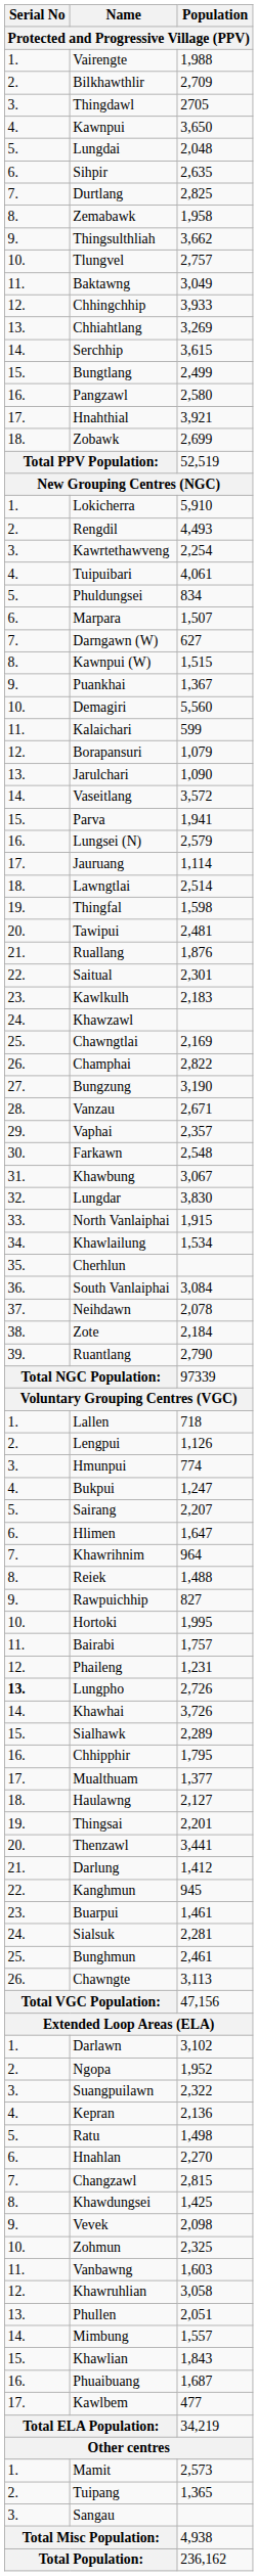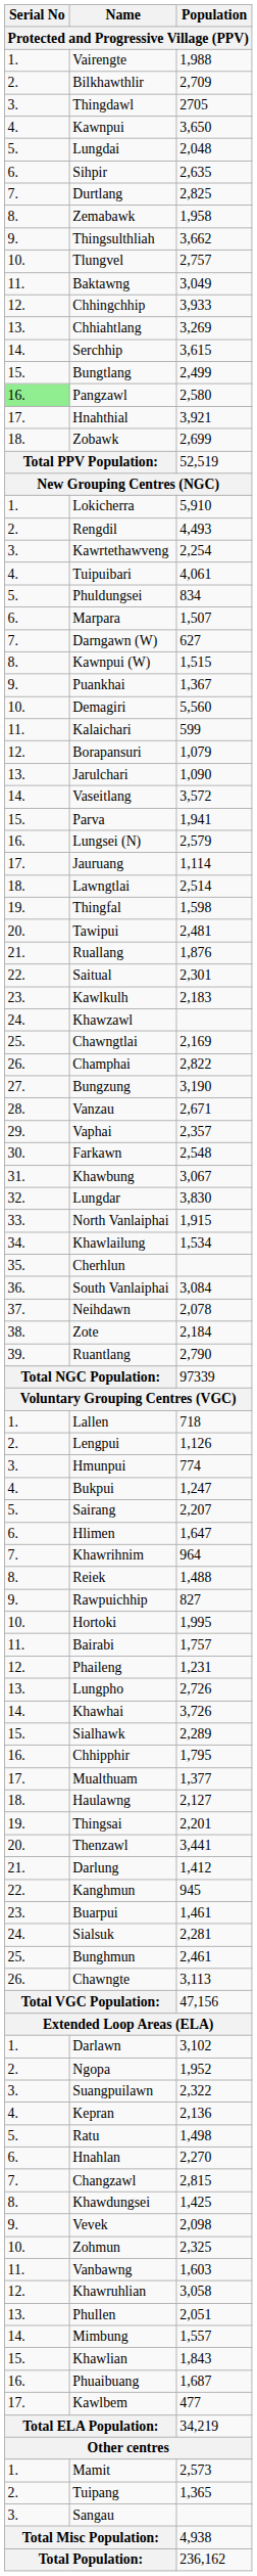 <table class="wikitable sortable">
 <tr>
 <th>Serial No</th>
 <th>Name</th>
 <th>Population</th>
 </tr>
 <tr>
 <th colspan=3>Protected and Progressive Village (PPV)</th>
 </tr>
 <tr>
 <td>1.</td>
 <td>Vairengte</td>
 <td>1,988</td>
 </tr>
 <tr>
 <td>2.</td>
 <td>Bilkhawthlir</td>
 <td>2,709</td>
 </tr>
 <tr>
 <td>3.</td>
 <td>Thingdawl</td>
 <td>2705</td>
 </tr>
 <tr>
 <td>4.</td>
 <td>Kawnpui</td>
 <td>3,650</td>
 </tr>
 <tr>
 <td>5.</td>
 <td>Lungdai</td>
 <td>2,048</td>
 </tr>
 <tr>
 <td>6.</td>
 <td>Sihpir</td>
 <td>2,635</td>
 </tr>
 <tr>
 <td>7.</td>
 <td>Durtlang</td>
 <td>2,825</td>
 </tr>
 <tr>
 <td>8.</td>
 <td>Zemabawk</td>
 <td>1,958</td>
 </tr>
 <tr>
 <td>9.</td>
 <td>Thingsulthliah</td>
 <td>3,662</td>
 </tr>
 <tr>
 <td>10.</td>
 <td>Tlungvel</td>
 <td>2,757</td>
 </tr>
 <tr>
 <td>11.</td>
 <td>Baktawng</td>
 <td>3,049</td>
 </tr>
 <tr>
 <td>12.</td>
 <td>Chhingchhip</td>
 <td>3,933</td>
 </tr>
 <tr>
 <td>13.</td>
 <td>Chhiahtlang</td>
 <td>3,269</td>
 </tr>
 <tr>
 <td>14.</td>
 <td>Serchhip</td>
 <td>3,615</td>
 </tr>
 <tr>
 <td>15.</td>
 <td>Bungtlang</td>
 <td>2,499</td>
 </tr>
 <tr>
-<td>16.</td>
+<td style="background: lightgreen;">16.</td>
 <td>Pangzawl</td>
 <td>2,580</td>
 </tr>
 <tr>
 <td>17.</td>
 <td>Hnahthial</td>
 <td>3,921</td>
 </tr>
 <tr>
 <td>18.</td>
 <td>Zobawk</td>
 <td>2,699</td>
 </tr>
 <tr>
 <th colspan=2><strong>Total PPV Population:</strong></th>
 <td>52,519</td>
 </tr>
 <tr>
 <th colspan=3>New Grouping Centres (NGC)</th>
 </tr>
 <tr>
 <td>1.</td>
 <td>Lokicherra</td>
 <td>5,910</td>
 </tr>
 <tr>
 <td>2.</td>
 <td>Rengdil</td>
 <td>4,493</td>
 </tr>
 <tr>
 <td>3.</td>
 <td>Kawrtethawveng</td>
 <td>2,254</td>
 </tr>
 <tr>
 <td>4.</td>
 <td>Tuipuibari</td>
 <td>4,061</td>
 </tr>
 <tr>
 <td>5.</td>
 <td>Phuldungsei</td>
 <td>834</td>
 </tr>
 <tr>
 <td>6.</td>
 <td>Marpara</td>
 <td>1,507</td>
 </tr>
 <tr>
 <td>7.</td>
 <td>Darngawn (W)</td>
 <td>627</td>
 </tr>
 <tr>
 <td>8.</td>
 <td>Kawnpui (W)</td>
 <td>1,515</td>
 </tr>
 <tr>
 <td>9.</td>
 <td>Puankhai</td>
 <td>1,367</td>
 </tr>
 <tr>
 <td>10.</td>
 <td>Demagiri</td>
 <td>5,560</td>
 </tr>
 <tr>
 <td>11.</td>
 <td>Kalaichari</td>
 <td>599</td>
 </tr>
 <tr>
 <td>12.</td>
 <td>Borapansuri</td>
 <td>1,079</td>
 </tr>
 <tr>
 <td>13.</td>
 <td>Jarulchari</td>
 <td>1,090</td>
 </tr>
 <tr>
 <td>14.</td>
 <td>Vaseitlang</td>
 <td>3,572</td>
 </tr>
 <tr>
 <td>15.</td>
 <td>Parva</td>
 <td>1,941</td>
 </tr>
 <tr>
 <td>16.</td>
 <td>Lungsei (N)</td>
 <td>2,579</td>
 </tr>
 <tr>
 <td>17.</td>
 <td>Jauruang</td>
 <td>1,114</td>
 </tr>
 <tr>
 <td>18.</td>
 <td>Lawngtlai</td>
 <td>2,514</td>
 </tr>
 <tr>
 <td>19.</td>
 <td>Thingfal</td>
 <td>1,598</td>
 </tr>
 <tr>
 <td>20.</td>
 <td>Tawipui</td>
 <td>2,481</td>
 </tr>
 <tr>
 <td>21.</td>
 <td>Ruallang</td>
 <td>1,876</td>
 </tr>
 <tr>
 <td>22.</td>
 <td>Saitual</td>
 <td>2,301</td>
 </tr>
 <tr>
 <td>23.</td>
 <td>Kawlkulh</td>
 <td>2,183</td>
 </tr>
 <tr>
 <td>24.</td>
 <td>Khawzawl</td>
 <td></td>
 </tr>
 <tr>
 <td>25.</td>
 <td>Chawngtlai</td>
 <td>2,169</td>
 </tr>
 <tr>
 <td>26.</td>
 <td>Champhai</td>
 <td>2,822</td>
 </tr>
 <tr>
 <td>27.</td>
 <td>Bungzung</td>
 <td>3,190</td>
 </tr>
 <tr>
 <td>28.</td>
 <td>Vanzau</td>
 <td>2,671</td>
 </tr>
 <tr>
 <td>29.</td>
 <td>Vaphai</td>
 <td>2,357</td>
 </tr>
 <tr>
 <td>30.</td>
 <td>Farkawn</td>
 <td>2,548</td>
 </tr>
 <tr>
 <td>31.</td>
 <td>Khawbung</td>
 <td>3,067</td>
 </tr>
 <tr>
 <td>32.</td>
 <td>Lungdar</td>
 <td>3,830</td>
 </tr>
 <tr>
 <td>33.</td>
 <td>North Vanlaiphai</td>
 <td>1,915</td>
 </tr>
 <tr>
 <td>34.</td>
 <td>Khawlailung</td>
 <td>1,534</td>
 </tr>
 <tr>
 <td>35.</td>
 <td>Cherhlun</td>
 <td></td>
 </tr>
 <tr>
 <td>36.</td>
 <td>South Vanlaiphai</td>
 <td>3,084</td>
 </tr>
 <tr>
 <td>37.</td>
 <td>Neihdawn</td>
 <td>2,078</td>
 </tr>
 <tr>
 <td>38.</td>
 <td>Zote</td>
 <td>2,184</td>
 </tr>
 <tr>
 <td>39.</td>
 <td>Ruantlang</td>
 <td>2,790</td>
 </tr>
 <tr>
 <th colspan=2><strong>Total NGC Population:</strong></th>
 <td>97339</td>
 </tr>
 <tr>
 <th colspan=3>Voluntary Grouping Centres (VGC)</th>
 </tr>
 <tr>
 <td>1.</td>
 <td>Lallen</td>
 <td>718</td>
 </tr>
 <tr>
 <td>2.</td>
 <td>Lengpui</td>
 <td>1,126</td>
 </tr>
 <tr>
 <td>3.</td>
 <td>Hmunpui</td>
 <td>774</td>
 </tr>
 <tr>
 <td>4.</td>
 <td>Bukpui</td>
 <td>1,247</td>
 </tr>
 <tr>
 <td>5.</td>
 <td>Sairang</td>
 <td>2,207</td>
 </tr>
 <tr>
 <td>6.</td>
 <td>Hlimen</td>
 <td>1,647</td>
 </tr>
 <tr>
 <td>7.</td>
 <td>Khawrihnim</td>
 <td>964</td>
 </tr>
 <tr>
 <td>8.</td>
 <td>Reiek</td>
 <td>1,488</td>
 </tr>
 <tr>
 <td>9.</td>
 <td>Rawpuichhip</td>
 <td>827</td>
 </tr>
 <tr>
 <td>10.</td>
 <td>Hortoki</td>
 <td>1,995</td>
 </tr>
 <tr>
 <td>11.</td>
 <td>Bairabi</td>
 <td>1,757</td>
 </tr>
 <tr>
 <td>12.</td>
 <td>Phaileng</td>
 <td>1,231</td>
 </tr>
 <tr>
-<td><strong>13.</strong></td>
+<td>13.</td>
 <td>Lungpho</td>
 <td>2,726</td>
 </tr>
 <tr>
 <td>14.</td>
 <td>Khawhai</td>
 <td>3,726</td>
 </tr>
 <tr>
 <td>15.</td>
 <td>Sialhawk</td>
 <td>2,289</td>
 </tr>
 <tr>
 <td>16.</td>
 <td>Chhipphir</td>
 <td>1,795</td>
 </tr>
 <tr>
 <td>17.</td>
 <td>Mualthuam</td>
 <td>1,377</td>
 </tr>
 <tr>
 <td>18.</td>
 <td>Haulawng</td>
 <td>2,127</td>
 </tr>
 <tr>
 <td>19.</td>
 <td>Thingsai</td>
 <td>2,201</td>
 </tr>
 <tr>
 <td>20.</td>
 <td>Thenzawl</td>
 <td>3,441</td>
 </tr>
 <tr>
 <td>21.</td>
 <td>Darlung</td>
 <td>1,412</td>
 </tr>
 <tr>
 <td>22.</td>
 <td>Kanghmun</td>
 <td>945</td>
 </tr>
 <tr>
 <td>23.</td>
 <td>Buarpui</td>
 <td>1,461</td>
 </tr>
 <tr>
 <td>24.</td>
 <td>Sialsuk</td>
 <td>2,281</td>
 </tr>
 <tr>
 <td>25.</td>
 <td>Bunghmun</td>
 <td>2,461</td>
 </tr>
 <tr>
 <td>26.</td>
 <td>Chawngte</td>
 <td>3,113</td>
 </tr>
 <tr>
 <th colspan=2><strong>Total VGC Population:</strong></th>
 <td>47,156</td>
 </tr>
 <tr>
 <th colspan=3>Extended Loop Areas (ELA)</th>
 </tr>
 <tr>
 <td>1.</td>
 <td>Darlawn</td>
 <td>3,102</td>
 </tr>
 <tr>
 <td>2.</td>
 <td>Ngopa</td>
 <td>1,952</td>
 </tr>
 <tr>
 <td>3.</td>
 <td>Suangpuilawn</td>
 <td>2,322</td>
 </tr>
 <tr>
 <td>4.</td>
 <td>Kepran</td>
 <td>2,136</td>
 </tr>
 <tr>
 <td>5.</td>
 <td>Ratu</td>
 <td>1,498</td>
 </tr>
 <tr>
 <td>6.</td>
 <td>Hnahlan</td>
 <td>2,270</td>
 </tr>
 <tr>
 <td>7.</td>
 <td>Changzawl</td>
 <td>2,815</td>
 </tr>
 <tr>
 <td>8.</td>
 <td>Khawdungsei</td>
 <td>1,425</td>
 </tr>
 <tr>
 <td>9.</td>
 <td>Vevek</td>
 <td>2,098</td>
 </tr>
 <tr>
 <td>10.</td>
 <td>Zohmun</td>
 <td>2,325</td>
 </tr>
 <tr>
 <td>11.</td>
 <td>Vanbawng</td>
 <td>1,603</td>
 </tr>
 <tr>
 <td>12.</td>
 <td>Khawruhlian</td>
 <td>3,058</td>
 </tr>
 <tr>
 <td>13.</td>
 <td>Phullen</td>
 <td>2,051</td>
 </tr>
 <tr>
 <td>14.</td>
 <td>Mimbung</td>
 <td>1,557</td>
 </tr>
 <tr>
 <td>15.</td>
 <td>Khawlian</td>
 <td>1,843</td>
 </tr>
 <tr>
 <td>16.</td>
 <td>Phuaibuang</td>
 <td>1,687</td>
 </tr>
 <tr>
 <td>17.</td>
 <td>Kawlbem</td>
 <td>477</td>
 </tr>
 <tr>
 <th colspan=2><strong>Total ELA Population:</strong></th>
 <td>34,219</td>
 </tr>
 <tr>
 <th colspan=3>Other centres</th>
 </tr>
 <tr>
 <td>1.</td>
 <td>Mamit</td>
 <td>2,573</td>
 </tr>
 <tr>
 <td>2.</td>
 <td>Tuipang</td>
 <td>1,365</td>
 </tr>
 <tr>
 <td>3.</td>
 <td>Sangau</td>
 <td></td>
 </tr>
 <tr>
 <th colspan=2><strong>Total Misc Population:</strong></th>
 <td>4,938</td>
 </tr>
 <tr>
 <th colspan=2><strong>Total Population:</strong></th>
 <td>236,162</td>
 </tr>
 </table>
